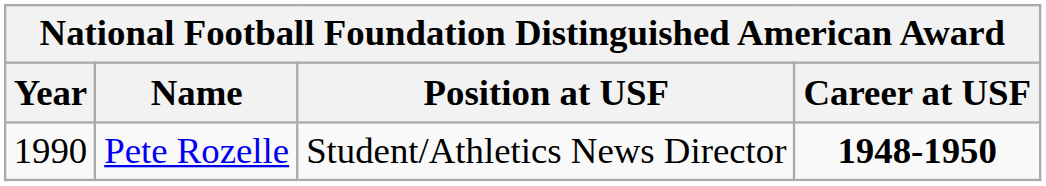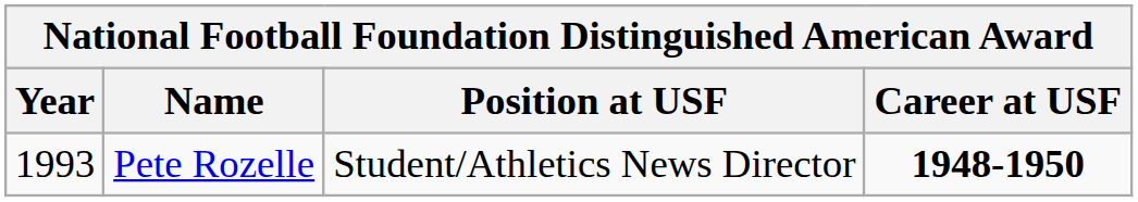 <table class="wikitable">
 <tr align="center">
 <th colspan=5>National Football Foundation Distinguished American Award</th>
 </tr>
 <tr>
 <th>Year</th>
 <th>Name</th>
 <th>Position at USF</th>
 <th>Career at USF</th>
 </tr>
 <tr align="center" bgcolor="">
-<td>1990</td>
+<td>1993</td>
 <td><a href='#'>Pete Rozelle</a></td>
 <td>Student/Athletics News Director</td>
 <td><strong>1948-1950</strong></td>
 </tr>
 </table>
